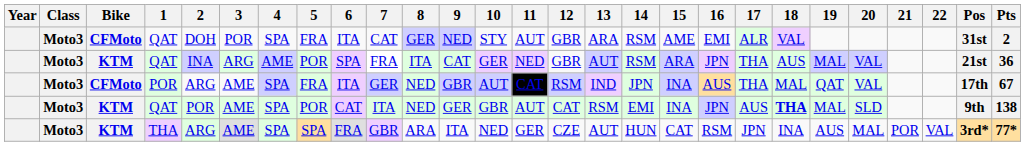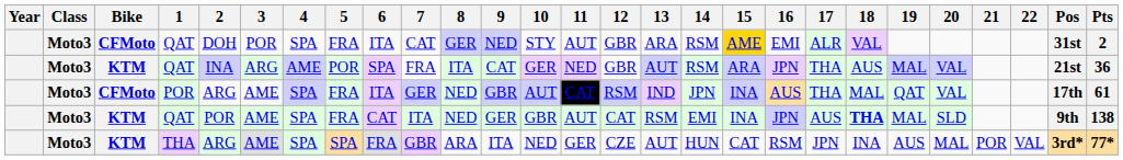 <table class="wikitable" style="text-align:center;">
 <tr>
 <th>Year</th>
 <th>Class</th>
 <th>Bike</th>
 <th>1</th>
 <th>2</th>
 <th>3</th>
 <th>4</th>
 <th>5</th>
 <th>6</th>
 <th>7</th>
 <th>8</th>
 <th>9</th>
 <th>10</th>
 <th>11</th>
 <th>12</th>
 <th>13</th>
 <th>14</th>
 <th>15</th>
 <th>16</th>
 <th>17</th>
 <th>18</th>
 <th>19</th>
 <th>20</th>
 <th>21</th>
 <th>22</th>
 <th>Pos</th>
 <th>Pts</th>
 </tr>
 <tr>
 <th></th>
 <th>Moto3</th>
 <th><a href='#'>CFMoto</a></th>
 <td><a href='#'>QAT</a></td>
 <td><a href='#'>DOH</a></td>
 <td><a href='#'>POR</a></td>
 <td><a href='#'>SPA</a></td>
 <td><a href='#'>FRA</a></td>
 <td><a href='#'>ITA</a></td>
 <td><a href='#'>CAT</a></td>
 <td style="background:#cfcfff;"><a href='#'>GER</a><br></td>
 <td style="background:#cfcfff;"><a href='#'>NED</a><br></td>
 <td><a href='#'>STY</a></td>
 <td><a href='#'>AUT</a></td>
 <td><a href='#'>GBR</a></td>
 <td><a href='#'>ARA</a></td>
 <td><a href='#'>RSM</a></td>
-<td><a href='#'>AME</a></td>
+<td style="background: gold;"><a href='#'>AME</a></td>
 <td><a href='#'>EMI</a></td>
 <td style="background:#dfffdf;"><a href='#'>ALR</a><br></td>
 <td style="background:#efcfff;"><a href='#'>VAL</a><br></td>
 <td></td>
 <td></td>
 <td></td>
 <td></td>
 <th>31st</th>
 <th>2</th>
 </tr>
 <tr>
 <th></th>
 <th>Moto3</th>
 <th><a href='#'>KTM</a></th>
 <td style="background:#dfffdf;"><a href='#'>QAT</a><br></td>
 <td style="background:#cfcfff;"><a href='#'>INA</a><br></td>
 <td style="background:#dfffdf;"><a href='#'>ARG</a><br></td>
 <td style="background:#cfcfff;"><a href='#'>AME</a><br></td>
 <td style="background:#dfffdf;"><a href='#'>POR</a><br></td>
 <td style="background:#efcfff;"><a href='#'>SPA</a><br></td>
 <td style="background:#ffffff;"><a href='#'>FRA</a><br></td>
 <td style="background:#dfffdf;"><a href='#'>ITA</a><br></td>
 <td style="background:#dfffdf;"><a href='#'>CAT</a><br></td>
 <td style="background:#efcfff;"><a href='#'>GER</a><br></td>
 <td style="background:#efcfff;"><a href='#'>NED</a><br></td>
 <td><a href='#'>GBR</a></td>
 <td style="background:#cfcfff;"><a href='#'>AUT</a><br></td>
 <td style="background:#dfffdf;"><a href='#'>RSM</a><br></td>
 <td style="background:#cfcfff;"><a href='#'>ARA</a><br></td>
 <td style="background:#efcfff;"><a href='#'>JPN</a><br></td>
 <td style="background:#dfffdf;"><a href='#'>THA</a><br></td>
 <td style="background:#dfffdf;"><a href='#'>AUS</a><br></td>
 <td style="background:#cfcfff;"><a href='#'>MAL</a><br></td>
 <td style="background:#cfcfff;"><a href='#'>VAL</a><br></td>
 <td></td>
 <td></td>
 <th>21st</th>
 <th>36</th>
 </tr>
 <tr>
 <th></th>
 <th>Moto3</th>
 <th><a href='#'>CFMoto</a></th>
 <td style="background:#dfffdf;"><a href='#'>POR</a><br></td>
 <td><a href='#'>ARG</a></td>
 <td><a href='#'>AME</a></td>
 <td style="background:#cfcfff;"><a href='#'>SPA</a><br></td>
 <td style="background:#dfffdf;"><a href='#'>FRA</a><br></td>
 <td style="background:#efcfff;"><a href='#'>ITA</a><br></td>
 <td style="background:#cfcfff;"><a href='#'>GER</a><br></td>
 <td style="background:#dfffdf;"><a href='#'>NED</a><br></td>
 <td style="background:#cfcfff;"><a href='#'>GBR</a><br></td>
 <td style="background:#cfcfff;"><a href='#'>AUT</a><br></td>
 <td style="background:#000000; color:#FFFFFF;"><a href='#'><span>CAT</span></a><br></td>
 <td style="background:#cfcfff;"><a href='#'>RSM</a><br></td>
 <td style="background:#efcfff;"><a href='#'>IND</a><br></td>
 <td style="background:#dfffdf;"><a href='#'>JPN</a><br></td>
 <td style="background:#cfcfff;"><a href='#'>INA</a><br></td>
 <td style="background:#ffdf9f;"><a href='#'>AUS</a><br></td>
 <td style="background:#dfffdf;"><a href='#'>THA</a><br></td>
 <td style="background:#dfffdf;"><a href='#'>MAL</a><br></td>
 <td style="background:#dfffdf;"><a href='#'>QAT</a><br></td>
 <td style="background:#dfffdf;"><a href='#'>VAL</a><br></td>
 <td></td>
 <td></td>
 <th>17th</th>
-<th>67</th>
+<th>61</th>
 </tr>
 <tr>
 <th></th>
 <th>Moto3</th>
 <th><a href='#'>KTM</a></th>
 <td style="background:#DFFFDF;"><a href='#'>QAT</a><br></td>
 <td style="background:#DFFFDF;"><a href='#'>POR</a><br></td>
 <td style="background:#DFFFDF;"><a href='#'>AME</a><br></td>
 <td style="background:#DFFFDF;"><a href='#'>SPA</a><br></td>
-<td style="background:#dfffdf;"><a href='#'>POR</a><br></td>
+<td style="background:#DFFFDF;"><a href='#'>FRA</a><br></td>
 <td style="background:#EFCFFF;"><a href='#'>CAT</a><br></td>
 <td style="background:#DFFFDF;"><a href='#'>ITA</a><br></td>
 <td style="background:#DFFFDF;"><a href='#'>NED</a><br></td>
 <td style="background:#DFFFDF;"><a href='#'>GER</a><br></td>
 <td style="background:#DFFFDF;"><a href='#'>GBR</a><br></td>
 <td style="background:#DFFFDF;"><a href='#'>AUT</a><br></td>
 <td style="background:#DFFFDF;"><a href='#'>CAT</a><br></td>
 <td style="background:#DFFFDF;"><a href='#'>RSM</a><br></td>
 <td style="background:#DFFFDF;"><a href='#'>EMI</a><br></td>
 <td style="background:#DFFFDF;"><a href='#'>INA</a><br></td>
 <td style="background:#CFCFFF;"><a href='#'>JPN</a><br></td>
 <td style="background:#DFFFDF;"><a href='#'>AUS</a><br></td>
 <td style="background:#DFFFDF;"><strong><a href='#'>THA</a></strong><br></td>
 <td style="background:#DFFFDF;"><a href='#'>MAL</a><br></td>
 <td style="background:#DFFFDF;"><a href='#'>SLD</a><br></td>
 <td></td>
 <td></td>
 <th>9th</th>
 <th>138</th>
 </tr>
 <tr>
 <th></th>
 <th>Moto3</th>
 <th><a href='#'>KTM</a></th>
 <td style="background:#EFCFFF;"><a href='#'>THA</a><br></td>
 <td style="background:#DFFFDF;"><a href='#'>ARG</a><br></td>
 <td style="background:#DFDFDF;"><a href='#'>AME</a><br></td>
 <td style="background:#DFFFDF;"><a href='#'>SPA</a><br></td>
 <td style="background:#FFDF9F;"><a href='#'>SPA</a><br></td>
 <td style="background:#DFDFDF;"><a href='#'>FRA</a><br></td>
 <td style="background:#EFCFFF;"><a href='#'>GBR</a><br></td>
 <td style="background:#;"><a href='#'>ARA</a><br></td>
 <td style="background:#;"><a href='#'>ITA</a><br></td>
 <td style="background:#;"><a href='#'>NED</a><br></td>
 <td style="background:#;"><a href='#'>GER</a><br></td>
 <td style="background:#;"><a href='#'>CZE</a><br></td>
 <td style="background:#;"><a href='#'>AUT</a><br></td>
 <td style="background:#;"><a href='#'>HUN</a><br></td>
 <td style="background:#;"><a href='#'>CAT</a><br></td>
 <td style="background:#;"><a href='#'>RSM</a><br></td>
 <td style="background:#;"><a href='#'>JPN</a><br></td>
 <td style="background:#;"><a href='#'>INA</a><br></td>
 <td style="background:#;"><a href='#'>AUS</a><br></td>
 <td style="background:#;"><a href='#'>MAL</a><br></td>
 <td style="background:#;"><a href='#'>POR</a><br></td>
 <td style="background:#;"><a href='#'>VAL</a><br></td>
 <th style="background:#FFDF9F;">3rd*</th>
 <th style="background:#FFDF9F;">77*</th>
 </tr>
 </table>
